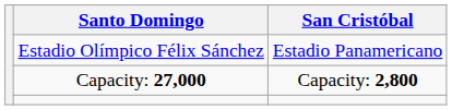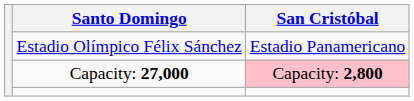 <table class="wikitable" style="text-align:center">
 <tr>
 <th rowspan="4"></th>
 <th><a href='#'>Santo Domingo</a></th>
 <th><a href='#'>San Cristóbal</a></th>
 </tr>
 <tr>
 <td><a href='#'>Estadio Olímpico Félix Sánchez</a></td>
 <td><a href='#'>Estadio Panamericano</a></td>
 </tr>
 <tr>
 <td>Capacity: <strong>27,000</strong></td>
-<td>Capacity: <strong>2,800</strong></td>
+<td style="background: pink;">Capacity: <strong>2,800</strong></td>
 </tr>
 <tr>
 <td></td>
 <td></td>
 </tr>
 </table>
